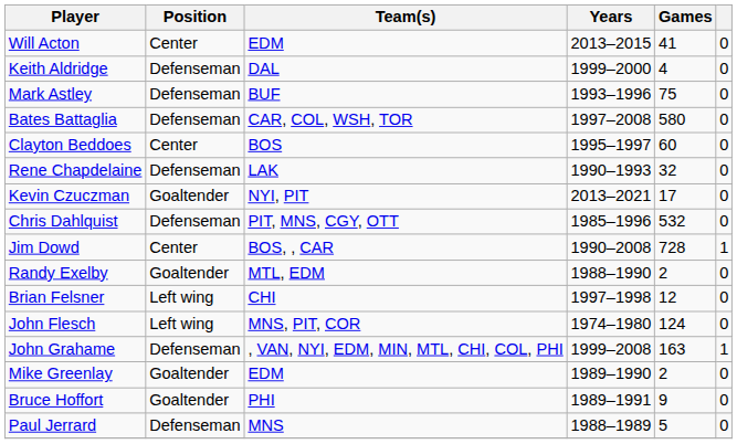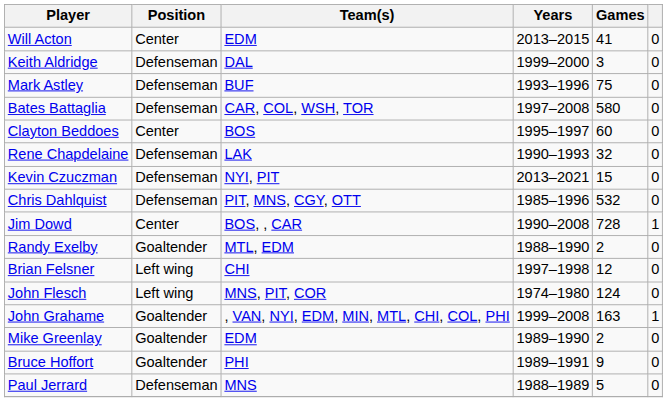 <table class="wikitable sortable">
 <tr>
 <th>Player</th>
 <th>Position</th>
 <th>Team(s)</th>
 <th>Years</th>
 <th>Games</th>
 <th><a href='#'></a></th>
 </tr>
 <tr>
 <td><a href='#'>Will Acton</a></td>
 <td>Center</td>
 <td><a href='#'>EDM</a></td>
 <td>2013–2015</td>
 <td>41</td>
 <td>0</td>
 </tr>
 <tr>
 <td><a href='#'>Keith Aldridge</a></td>
 <td>Defenseman</td>
 <td><a href='#'>DAL</a></td>
 <td>1999–2000</td>
-<td>4</td>
+<td>3</td>
 <td>0</td>
 </tr>
 <tr>
 <td><a href='#'>Mark Astley</a></td>
 <td>Defenseman</td>
 <td><a href='#'>BUF</a></td>
 <td>1993–1996</td>
 <td>75</td>
 <td>0</td>
 </tr>
 <tr>
 <td><a href='#'>Bates Battaglia</a></td>
 <td>Defenseman</td>
 <td><a href='#'>CAR</a>, <a href='#'>COL</a>, <a href='#'>WSH</a>, <a href='#'>TOR</a></td>
 <td>1997–2008</td>
 <td>580</td>
 <td>0</td>
 </tr>
 <tr>
 <td><a href='#'>Clayton Beddoes</a></td>
 <td>Center</td>
 <td><a href='#'>BOS</a></td>
 <td>1995–1997</td>
 <td>60</td>
 <td>0</td>
 </tr>
 <tr>
 <td><a href='#'>Rene Chapdelaine</a></td>
 <td>Defenseman</td>
 <td><a href='#'>LAK</a></td>
 <td>1990–1993</td>
 <td>32</td>
 <td>0</td>
 </tr>
 <tr>
 <td><a href='#'>Kevin Czuczman</a></td>
-<td>Goaltender</td>
+<td>Defenseman</td>
 <td><a href='#'>NYI</a>, <a href='#'>PIT</a></td>
 <td>2013–2021</td>
-<td>17</td>
+<td>15</td>
 <td>0</td>
 </tr>
 <tr>
 <td><a href='#'>Chris Dahlquist</a></td>
 <td>Defenseman</td>
 <td><a href='#'>PIT</a>, <a href='#'>MNS</a>, <a href='#'>CGY</a>, <a href='#'>OTT</a></td>
 <td>1985–1996</td>
 <td>532</td>
 <td>0</td>
 </tr>
 <tr>
 <td><a href='#'>Jim Dowd</a></td>
 <td>Center</td>
 <td><a href='#'>BOS</a>, <span><strong></strong></span>, <a href='#'>CAR</a></td>
 <td>1990–2008</td>
 <td>728</td>
 <td>1</td>
 </tr>
 <tr>
 <td><a href='#'>Randy Exelby</a></td>
 <td>Goaltender</td>
 <td><a href='#'>MTL</a>, <a href='#'>EDM</a></td>
 <td>1988–1990</td>
 <td>2</td>
 <td>0</td>
 </tr>
 <tr>
 <td><a href='#'>Brian Felsner</a></td>
 <td>Left wing</td>
 <td><a href='#'>CHI</a></td>
 <td>1997–1998</td>
 <td>12</td>
 <td>0</td>
 </tr>
 <tr>
 <td><a href='#'>John Flesch</a></td>
 <td>Left wing</td>
 <td><a href='#'>MNS</a>, <a href='#'>PIT</a>, <a href='#'>COR</a></td>
 <td>1974–1980</td>
 <td>124</td>
 <td>0</td>
 </tr>
 <tr>
 <td><a href='#'>John Grahame</a></td>
-<td>Defenseman</td>
+<td>Goaltender</td>
 <td><span><strong></strong></span>, <a href='#'>VAN</a>, <a href='#'>NYI</a>, <a href='#'>EDM</a>, <a href='#'>MIN</a>, <a href='#'>MTL</a>, <a href='#'>CHI</a>, <a href='#'>COL</a>, <a href='#'>PHI</a></td>
 <td>1999–2008</td>
 <td>163</td>
 <td>1</td>
 </tr>
 <tr>
 <td><a href='#'>Mike Greenlay</a></td>
 <td>Goaltender</td>
 <td><a href='#'>EDM</a></td>
 <td>1989–1990</td>
 <td>2</td>
 <td>0</td>
 </tr>
 <tr>
 <td><a href='#'>Bruce Hoffort</a></td>
 <td>Goaltender</td>
 <td><a href='#'>PHI</a></td>
 <td>1989–1991</td>
 <td>9</td>
 <td>0</td>
 </tr>
 <tr>
 <td><a href='#'>Paul Jerrard</a></td>
 <td>Defenseman</td>
 <td><a href='#'>MNS</a></td>
 <td>1988–1989</td>
 <td>5</td>
 <td>0</td>
 </tr>
 <tr>
 </tr>
 </table>
